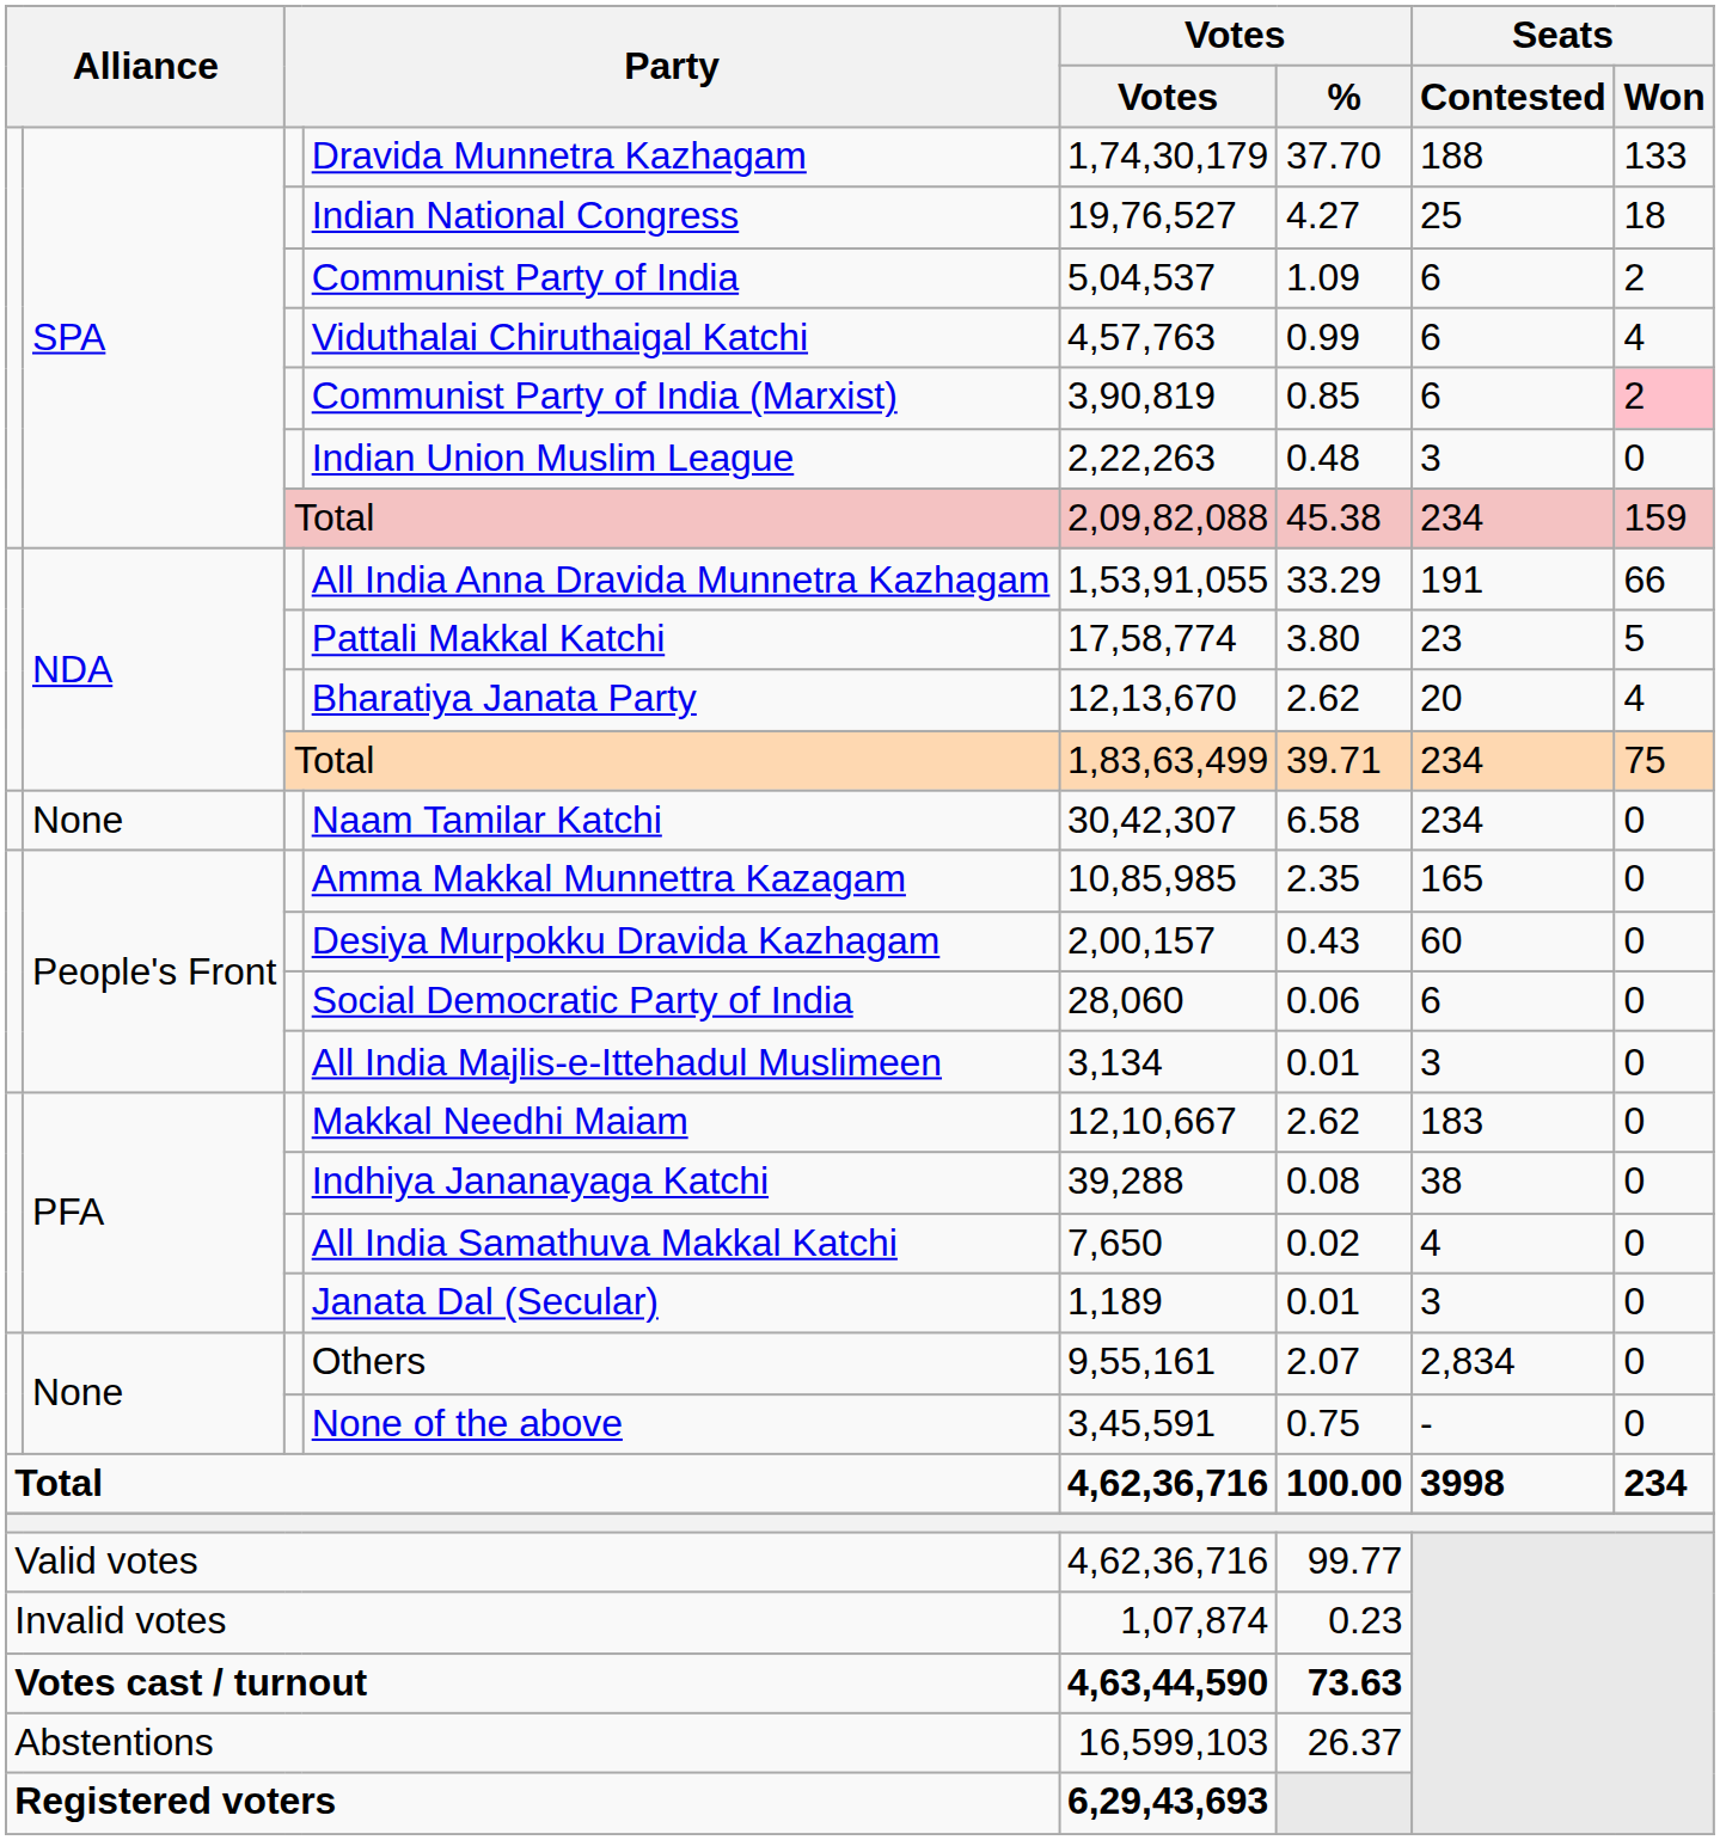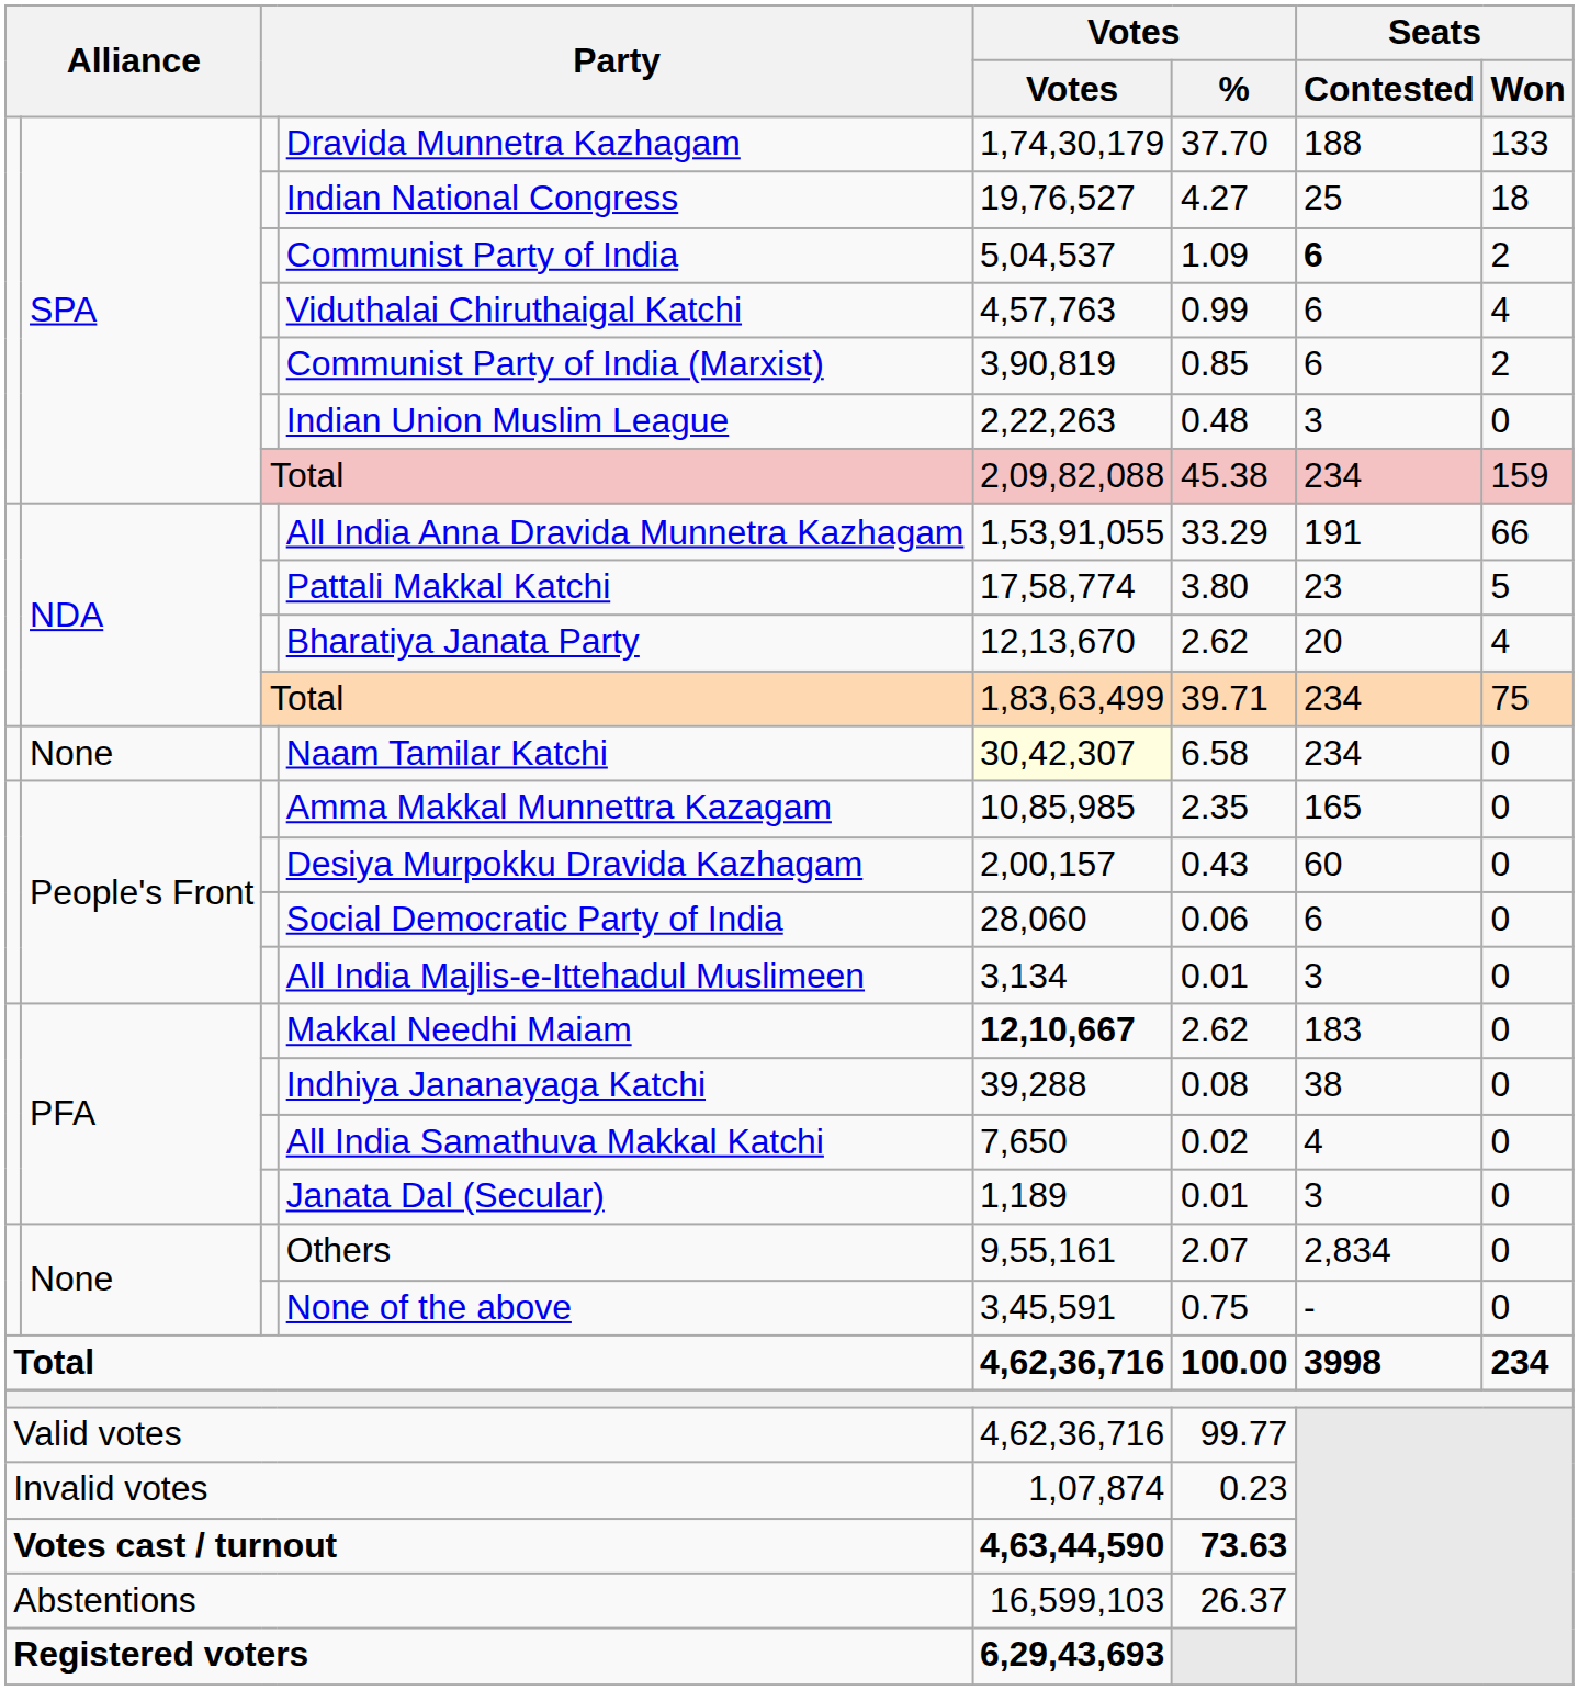 <table class="wikitable sortable">
 <tr>
 <th colspan="2" rowspan="2">Alliance</th>
 <th colspan="2" rowspan="2">Party</th>
 <th colspan="2">Votes</th>
 <th colspan="2">Seats</th>
 </tr>
 <tr>
 <th>Votes</th>
 <th><strong>%</strong></th>
 <th>Contested</th>
 <th>Won</th>
 </tr>
 <tr>
 <td rowspan="7" style="background:"></td>
 <td rowspan="7"><a href='#'>SPA</a></td>
 <td style="background:"></td>
 <td><a href='#'>Dravida Munnetra Kazhagam</a></td>
 <td>1,74,30,179</td>
 <td>37.70</td>
 <td>188</td>
 <td>133</td>
 </tr>
 <tr>
 <td style="background:"></td>
 <td><a href='#'>Indian National Congress</a></td>
 <td>19,76,527</td>
 <td>4.27</td>
 <td>25</td>
 <td>18</td>
 </tr>
 <tr>
 <td style="background:"></td>
 <td><a href='#'>Communist Party of India</a></td>
 <td>5,04,537</td>
 <td>1.09</td>
-<td>6</td>
+<td><strong>6</strong></td>
 <td>2</td>
 </tr>
 <tr>
 <td style="background:"></td>
 <td><a href='#'>Viduthalai Chiruthaigal Katchi</a></td>
 <td>4,57,763</td>
 <td>0.99</td>
 <td>6</td>
 <td>4</td>
 </tr>
 <tr>
 <td style="background:"></td>
 <td><a href='#'>Communist Party of India (Marxist)</a></td>
 <td>3,90,819</td>
 <td>0.85</td>
 <td>6</td>
-<td style="background: pink;">2</td>
+<td>2</td>
 </tr>
 <tr>
 <td style="background:"></td>
 <td><a href='#'>Indian Union Muslim League</a></td>
 <td>2,22,263</td>
 <td>0.48</td>
 <td>3</td>
 <td>0</td>
 </tr>
 <tr>
 <td colspan="2" style="background: #F4C2C2">Total</td>
 <td style="background:	#F4C2C2">2,09,82,088</td>
 <td style="background:	#F4C2C2">45.38</td>
 <td style="background:	#F4C2C2">234</td>
 <td style="background:	#F4C2C2">159</td>
 </tr>
 <tr>
 <td rowspan="4" style="background:"></td>
 <td rowspan="4"><a href='#'>NDA</a></td>
 <td style="background:"></td>
 <td><a href='#'>All India Anna Dravida Munnetra Kazhagam</a></td>
 <td>1,53,91,055</td>
 <td>33.29</td>
 <td>191</td>
 <td>66</td>
 </tr>
 <tr>
 <td style="background:"></td>
 <td><a href='#'>Pattali Makkal Katchi</a></td>
 <td>17,58,774</td>
 <td>3.80</td>
 <td>23</td>
 <td>5</td>
 </tr>
 <tr>
 <td style="background:"></td>
 <td><a href='#'>Bharatiya Janata Party</a></td>
 <td>12,13,670</td>
 <td>2.62</td>
 <td>20</td>
 <td>4</td>
 </tr>
 <tr>
 <td colspan="2" style="background:	#FED8B1">Total</td>
 <td style="background:	#FED8B1">1,83,63,499</td>
 <td style="background:	#FED8B1">39.71</td>
 <td style="background: #FED8B1">234</td>
 <td style="background:	#FED8B1">75</td>
 </tr>
 <tr>
 <td></td>
 <td>None</td>
 <td style="background:"></td>
 <td><a href='#'>Naam Tamilar Katchi</a></td>
-<td>30,42,307</td>
+<td style="background: lightyellow;">30,42,307</td>
 <td>6.58</td>
 <td>234</td>
 <td>0</td>
 </tr>
 <tr>
 <td rowspan="4" style="background:"></td>
 <td rowspan="4">People's Front</td>
 <td style="background:"></td>
 <td><a href='#'>Amma Makkal Munnettra Kazagam</a></td>
 <td>10,85,985</td>
 <td>2.35</td>
 <td>165</td>
 <td>0</td>
 </tr>
 <tr>
 <td style="background:"></td>
 <td><a href='#'>Desiya Murpokku Dravida Kazhagam</a></td>
 <td>2,00,157</td>
 <td>0.43</td>
 <td>60</td>
 <td>0</td>
 </tr>
 <tr>
 <td style="background:"></td>
 <td><a href='#'>Social Democratic Party of India</a></td>
 <td>28,060</td>
 <td>0.06</td>
 <td>6</td>
 <td>0</td>
 </tr>
 <tr>
 <td style="background:"></td>
 <td><a href='#'>All India Majlis-e-Ittehadul Muslimeen</a></td>
 <td>3,134</td>
 <td>0.01</td>
 <td>3</td>
 <td>0</td>
 </tr>
 <tr>
 <td rowspan="4" style="background:"></td>
 <td rowspan="4">PFA</td>
 <td style="background:"></td>
 <td><a href='#'>Makkal Needhi Maiam</a></td>
-<td>12,10,667</td>
+<td><strong>12,10,667</strong></td>
 <td>2.62</td>
 <td>183</td>
 <td>0</td>
 </tr>
 <tr>
 <td style="background:"></td>
 <td><a href='#'>Indhiya Jananayaga Katchi</a></td>
 <td>39,288</td>
 <td>0.08</td>
 <td>38</td>
 <td>0</td>
 </tr>
 <tr>
 <td style="background:"></td>
 <td><a href='#'>All India Samathuva Makkal Katchi</a></td>
 <td>7,650</td>
 <td>0.02</td>
 <td>4</td>
 <td>0</td>
 </tr>
 <tr>
 <td style="background:"></td>
 <td><a href='#'>Janata Dal (Secular)</a></td>
 <td>1,189</td>
 <td>0.01</td>
 <td>3</td>
 <td>0</td>
 </tr>
 <tr>
 <td rowspan="2"></td>
 <td rowspan="2">None</td>
 <td></td>
 <td>Others</td>
 <td>9,55,161</td>
 <td>2.07</td>
 <td>2,834</td>
 <td>0</td>
 </tr>
 <tr>
 <td style="background:"></td>
 <td><a href='#'>None of the above</a></td>
 <td>3,45,591</td>
 <td>0.75</td>
 <td>-</td>
 <td>0</td>
 </tr>
 <tr>
 <td colspan="4"><strong>Total</strong></td>
 <td><strong>4,62,36,716</strong></td>
 <td><strong>100.00</strong></td>
 <td><strong>3998</strong></td>
 <td><strong>234</strong></td>
 </tr>
 <tr>
 </tr>
 <tr>
 <th colspan="9"></th>
 </tr>
 <tr>
 <td style="text-align:left;" colspan="4">Valid votes</td>
 <td style="text-align:right">4,62,36,716</td>
 <td style="text-align:right">99.77</td>
 <td colspan="4" rowspan="5" style="background-color:#E9E9E9"></td>
 </tr>
 <tr>
 <td style="text-align:left;" colspan="4">Invalid votes</td>
 <td style="text-align:right">1,07,874</td>
 <td style="text-align:right">0.23</td>
 </tr>
 <tr>
 <td style="text-align:left;" colspan="4"><strong>Votes cast / turnout</strong></td>
 <td style="text-align:right"><strong>4,63,44,590</strong></td>
 <td style="text-align:right"><strong>73.63</strong></td>
 </tr>
 <tr>
 <td style="text-align:left;" colspan="4">Abstentions</td>
 <td style="text-align:right">16,599,103</td>
 <td style="text-align:right">26.37</td>
 </tr>
 <tr>
 <td style="text-align:left;" colspan="4"><strong>Registered voters</strong></td>
 <td style="text-align:right"><strong>6,29,43,693</strong></td>
 <td colspan="1" style="background-color:#E9E9E9"></td>
 </tr>
 <tr>
 </tr>
 </table>
